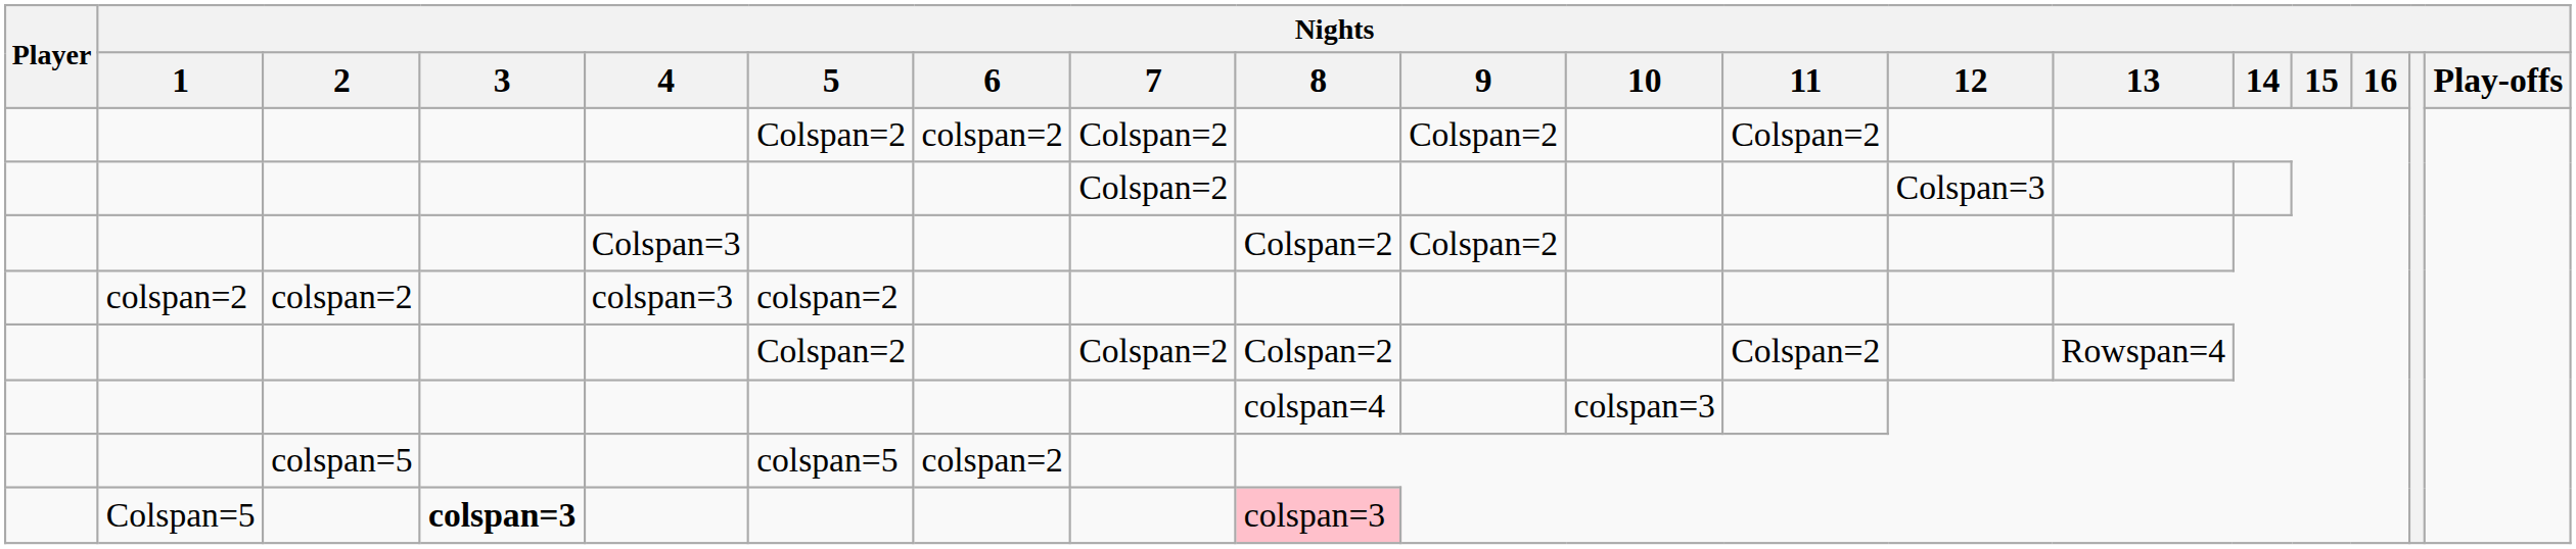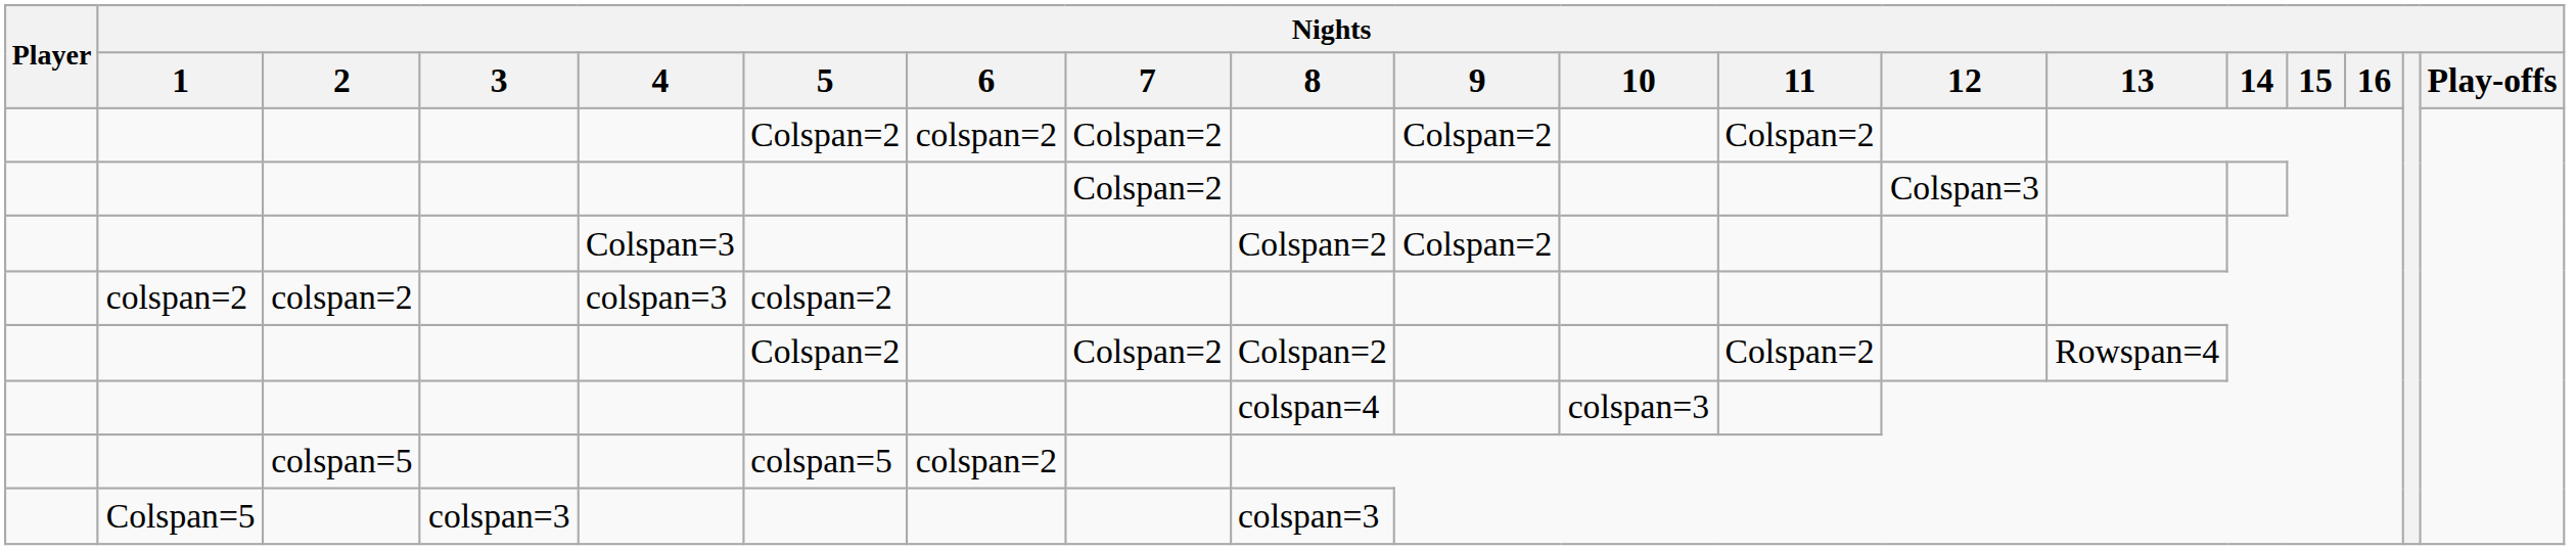 <table class="wikitable">
 <tr style="font-size:10pt;font-weight:bold">
 <th rowspan=2>Player</th>
 <th colspan=18>Nights</th>
 </tr>
 <tr>
 <th style="width:20px;">1</th>
 <th style="width:20px;">2</th>
 <th style="width:20px;">3</th>
 <th style="width:20px;">4</th>
 <th style="width:20px;">5</th>
 <th style="width:20px;">6</th>
 <th style="width:20px;">7</th>
 <th style="width:20px;">8</th>
 <th style="width:20px;">9</th>
 <th style="width:20px;">10</th>
 <th style="width:20px;">11</th>
 <th style="width:20px;">12</th>
 <th style="width:20px;">13</th>
 <th style="width:20px;">14</th>
 <th style="width:20px;">15</th>
 <th style="width:20px;">16</th>
 <th rowspan=9></th>
 <th>Play-offs</th>
 </tr>
 <tr>
 <td></td>
 <td></td>
 <td></td>
 <td></td>
 <td></td>
 <td>Colspan=2 </td>
 <td>colspan=2 </td>
 <td>Colspan=2 </td>
 <td></td>
 <td>Colspan=2 </td>
 <td></td>
 <td>Colspan=2 </td>
 <td></td>
 </tr>
 <tr>
 <td></td>
 <td></td>
 <td></td>
 <td></td>
 <td></td>
 <td></td>
 <td></td>
 <td>Colspan=2 </td>
 <td></td>
 <td></td>
 <td></td>
 <td></td>
 <td>Colspan=3 </td>
 <td></td>
 <td></td>
 </tr>
 <tr>
 <td></td>
 <td></td>
 <td></td>
 <td></td>
 <td>Colspan=3 </td>
 <td></td>
 <td></td>
 <td></td>
 <td>Colspan=2 </td>
 <td>Colspan=2 </td>
 <td></td>
 <td></td>
 <td></td>
 <td></td>
 </tr>
 <tr>
 <td></td>
 <td>colspan=2 </td>
 <td>colspan=2 </td>
 <td></td>
 <td>colspan=3 </td>
 <td>colspan=2 </td>
 <td></td>
 <td></td>
 <td></td>
 <td></td>
 <td></td>
 <td></td>
 <td></td>
 </tr>
 <tr>
 <td></td>
 <td></td>
 <td></td>
 <td></td>
 <td></td>
 <td>Colspan=2 </td>
 <td></td>
 <td>Colspan=2 </td>
 <td>Colspan=2 </td>
 <td></td>
 <td></td>
 <td>Colspan=2 </td>
 <td></td>
 <td>Rowspan=4</td>
 </tr>
 <tr>
 <td></td>
 <td></td>
 <td></td>
 <td></td>
 <td></td>
 <td></td>
 <td></td>
 <td></td>
 <td>colspan=4 </td>
 <td></td>
 <td>colspan=3 </td>
 <td></td>
 </tr>
 <tr>
 <td></td>
 <td></td>
 <td>colspan=5 </td>
 <td></td>
 <td></td>
 <td>colspan=5 </td>
 <td>colspan=2 </td>
 <td></td>
 </tr>
 <tr>
 <td></td>
 <td>Colspan=5 </td>
 <td></td>
-<td><strong>colspan=3 </strong></td>
+<td>colspan=3 </td>
 <td></td>
 <td></td>
 <td></td>
 <td></td>
-<td style="background: pink;">colspan=3 </td>
+<td>colspan=3 </td>
 </tr>
 </table>
